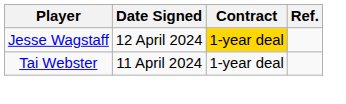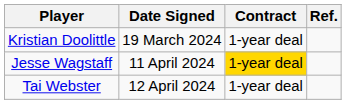 <table class="wikitable sortable sortable" style="text-align: center">
 <tr>
 <th>Player</th>
 <th>Date Signed</th>
 <th>Contract</th>
 <th>Ref.</th>
 </tr>
 <tr>
+<td><a href='#'>Kristian Doolittle</a></td>
+<td>19 March 2024</td>
+<td>1-year deal</td>
+<td></td>
+</tr>
+<tr>
 <td><a href='#'>Jesse Wagstaff</a></td>
-<td>12 April 2024</td>
+<td>11 April 2024</td>
 <td style="background: gold;">1-year deal</td>
 <td></td>
 </tr>
 <tr>
 <td><a href='#'>Tai Webster</a></td>
-<td>11 April 2024</td>
+<td>12 April 2024</td>
 <td>1-year deal</td>
 <td></td>
 </tr>
 </table>
